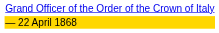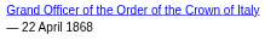 <table>
 <tr>
 <td rowspan=2 style="width:60px; vertical-align:top;"></td>
 <td><a href='#'>Grand Officer of the Order of the Crown of Italy</a></td>
 </tr>
 <tr>
-<td style="background: gold;">— 22 April 1868</td>
+<td>— 22 April 1868</td>
 </tr>
 </table>
